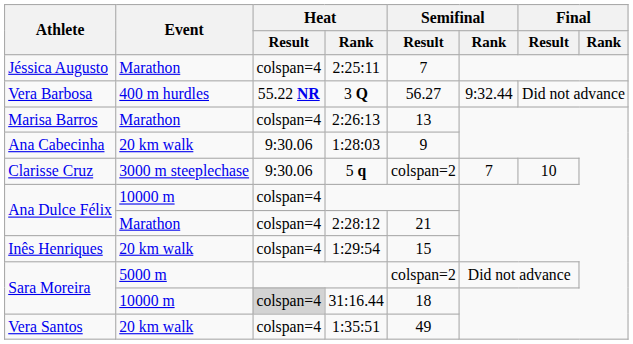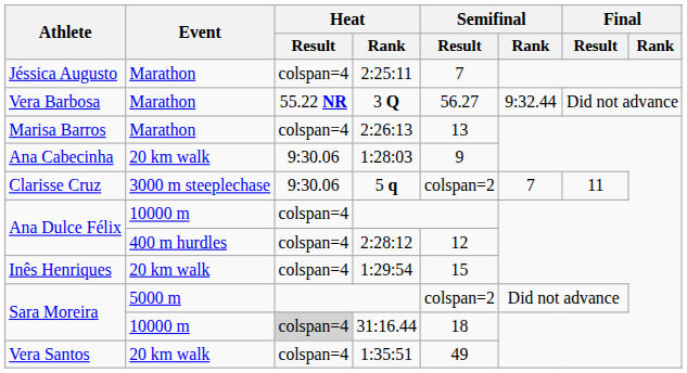 <table class="wikitable" style="font-size:90%">
 <tr>
 <th rowspan="2">Athlete</th>
 <th rowspan="2">Event</th>
 <th colspan="2">Heat</th>
 <th colspan="2">Semifinal</th>
 <th colspan="2">Final</th>
 </tr>
 <tr style="font-size:95%">
 <th>Result</th>
 <th>Rank</th>
 <th>Result</th>
 <th>Rank</th>
 <th>Result</th>
 <th>Rank</th>
 </tr>
 <tr align=center>
 <td align=left><a href='#'>Jéssica Augusto</a></td>
 <td align=left><a href='#'>Marathon</a></td>
 <td>colspan=4 </td>
 <td>2:25:11</td>
 <td>7</td>
 </tr>
 <tr align=center>
 <td align=left><a href='#'>Vera Barbosa</a></td>
-<td align=left><a href='#'>400 m hurdles</a></td>
+<td align=left><a href='#'>Marathon</a></td>
 <td>55.22 <strong><a href='#'>NR</a></strong></td>
 <td>3 <strong>Q</strong></td>
 <td>56.27</td>
 <td>9:32.44</td>
 <td colspan=2>Did not advance</td>
 </tr>
 <tr align=center>
 <td align=left><a href='#'>Marisa Barros</a></td>
 <td align=left><a href='#'>Marathon</a></td>
 <td>colspan=4 </td>
 <td>2:26:13</td>
 <td>13</td>
 </tr>
 <tr align=center>
 <td align=left><a href='#'>Ana Cabecinha</a></td>
 <td align=left><a href='#'>20 km walk</a></td>
 <td>9:30.06</td>
 <td>1:28:03</td>
 <td>9</td>
 </tr>
 <tr align=center>
 <td align=left><a href='#'>Clarisse Cruz</a></td>
 <td align=left><a href='#'>3000 m steeplechase</a></td>
 <td>9:30.06</td>
 <td>5 <strong>q</strong></td>
 <td>colspan=2 </td>
 <td>7</td>
-<td>10</td>
+<td>11</td>
 </tr>
 <tr align=center>
 <td align=left rowspan=2><a href='#'>Ana Dulce Félix</a></td>
 <td align=left><a href='#'>10000 m</a></td>
 <td>colspan=4 </td>
 <td colspan=2></td>
 </tr>
 <tr align=center>
-<td align=left><a href='#'>Marathon</a></td>
+<td align=left><a href='#'>400 m hurdles</a></td>
 <td>colspan=4 </td>
 <td>2:28:12</td>
-<td>21</td>
+<td>12</td>
 </tr>
 <tr align=center>
 <td align=left><a href='#'>Inês Henriques</a></td>
 <td align=left><a href='#'>20 km walk</a></td>
 <td>colspan=4 </td>
 <td>1:29:54</td>
 <td>15</td>
 </tr>
 <tr align=center>
 <td align=left rowspan=2><a href='#'>Sara Moreira</a></td>
 <td align=left><a href='#'>5000 m</a></td>
 <td colspan=2></td>
 <td>colspan=2 </td>
 <td colspan=2>Did not advance</td>
 </tr>
 <tr align=center>
 <td align=left><a href='#'>10000 m</a></td>
 <td style="background: lightgrey;">colspan=4 </td>
 <td>31:16.44</td>
 <td>18</td>
 </tr>
 <tr align=center>
 <td align=left><a href='#'>Vera Santos</a></td>
 <td align=left><a href='#'>20 km walk</a></td>
 <td>colspan=4 </td>
 <td>1:35:51</td>
 <td>49</td>
 </tr>
 </table>
